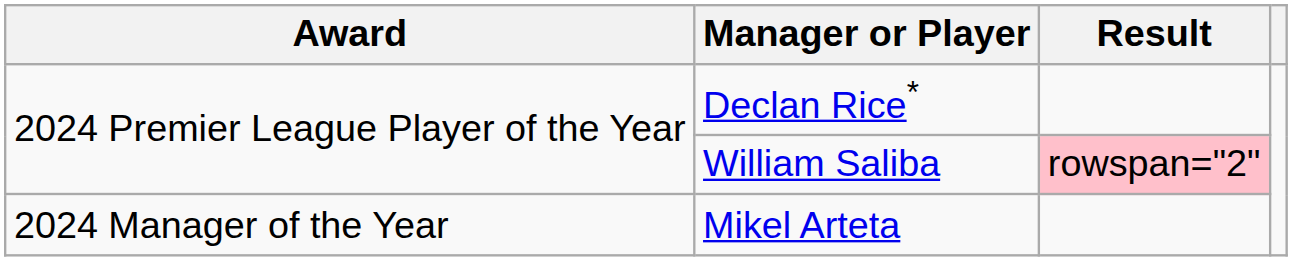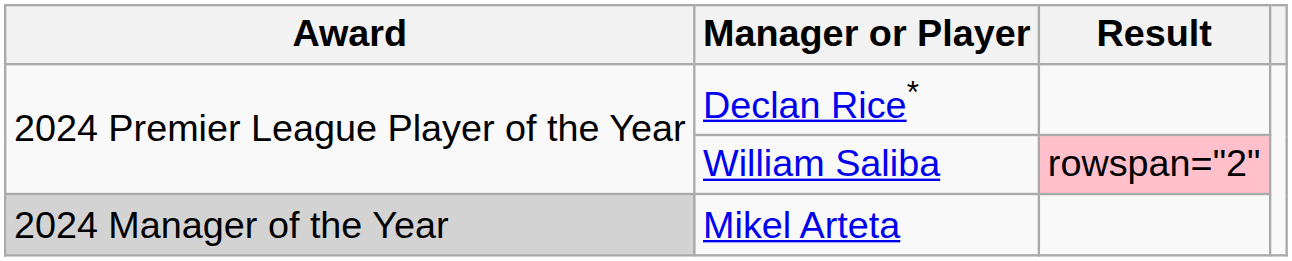 <table class="wikitable" style="text-align:center;">
 <tr>
 <th>Award</th>
 <th>Manager or Player</th>
 <th>Result</th>
 <th></th>
 </tr>
 <tr>
 <td rowspan="2" style="text-align:left;">2024 Premier League Player of the Year</td>
 <td style="text-align:left;"> <a href='#'>Declan Rice</a><sup>*</sup></td>
 <td></td>
 <td rowspan="3"></td>
 </tr>
 <tr>
 <td style="text-align:left;"> <a href='#'>William Saliba</a></td>
 <td style="background: pink;">rowspan="2" </td>
 </tr>
 <tr>
-<td style="text-align:left;">2024 Manager of the Year</td>
+<td style="background: lightgrey; text-align:left;">2024 Manager of the Year</td>
 <td style="text-align:left;"> <a href='#'>Mikel Arteta</a></td>
 </tr>
 </table>
